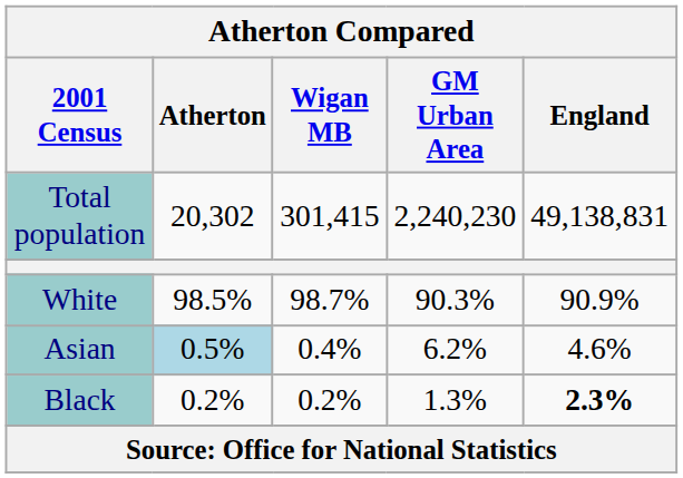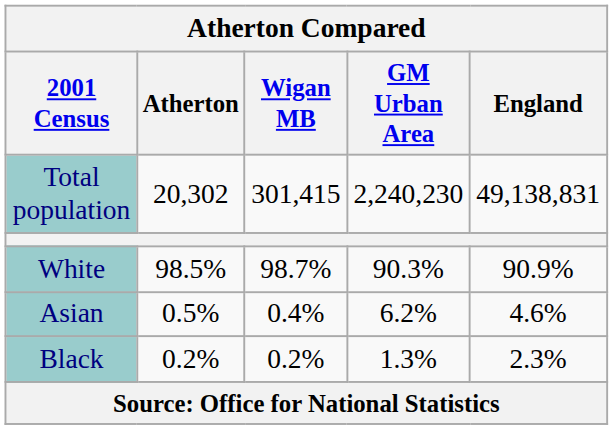 <table class="wikitable" id="toc" style="float: right; margin-left: 1em; width: 40%; font-size: 90%; text-align:center" cellspacing="5">
 <tr>
 <th colspan="5"><strong>Atherton Compared</strong></th>
 </tr>
 <tr>
 <th width=24% style="font-size:90%;"><strong><a href='#'>2001 Census</a></strong></th>
 <th width=19% style="font-size:90%;"><strong>Atherton</strong></th>
 <th width=19% style="font-size:90%;"><strong><a href='#'>Wigan MB</a></strong></th>
 <th width=19% style="font-size:90%;"><strong><a href='#'>GM Urban Area</a></strong></th>
 <th width=19% style="font-size:90%;"><strong>England</strong></th>
 </tr>
 <tr>
 <td style="background: #99CCCC; color: #000080">Total population</td>
 <td>20,302</td>
 <td>301,415</td>
 <td>2,240,230</td>
 <td>49,138,831</td>
 </tr>
 <tr>
 <th colspan="5"></th>
 </tr>
 <tr>
 <td style="background: #99CCCC; color: #000080">White</td>
 <td>98.5%</td>
 <td>98.7%</td>
 <td>90.3%</td>
 <td>90.9%</td>
 </tr>
 <tr>
 <td style="background: #99CCCC; color: #000080">Asian</td>
-<td style="background: lightblue;">0.5%</td>
+<td>0.5%</td>
 <td>0.4%</td>
 <td>6.2%</td>
 <td>4.6%</td>
 </tr>
 <tr>
 <td style="background: #99CCCC; color: #000080">Black</td>
 <td>0.2%</td>
 <td>0.2%</td>
 <td>1.3%</td>
-<td><strong>2.3%</strong></td>
+<td>2.3%</td>
 </tr>
 <tr>
 <th colspan="5" style="font-size:90%;">Source: Office for National Statistics</th>
 </tr>
 </table>
